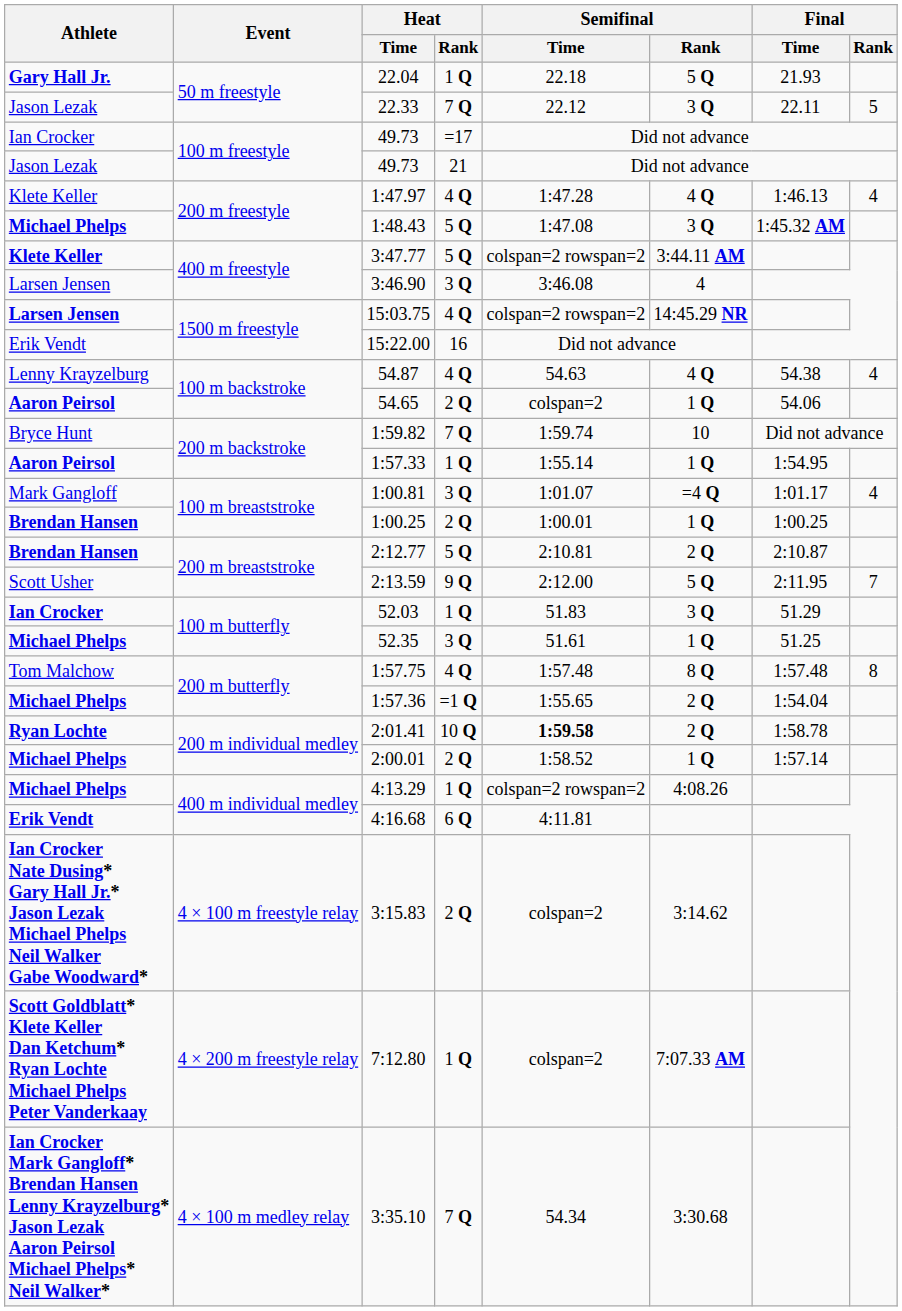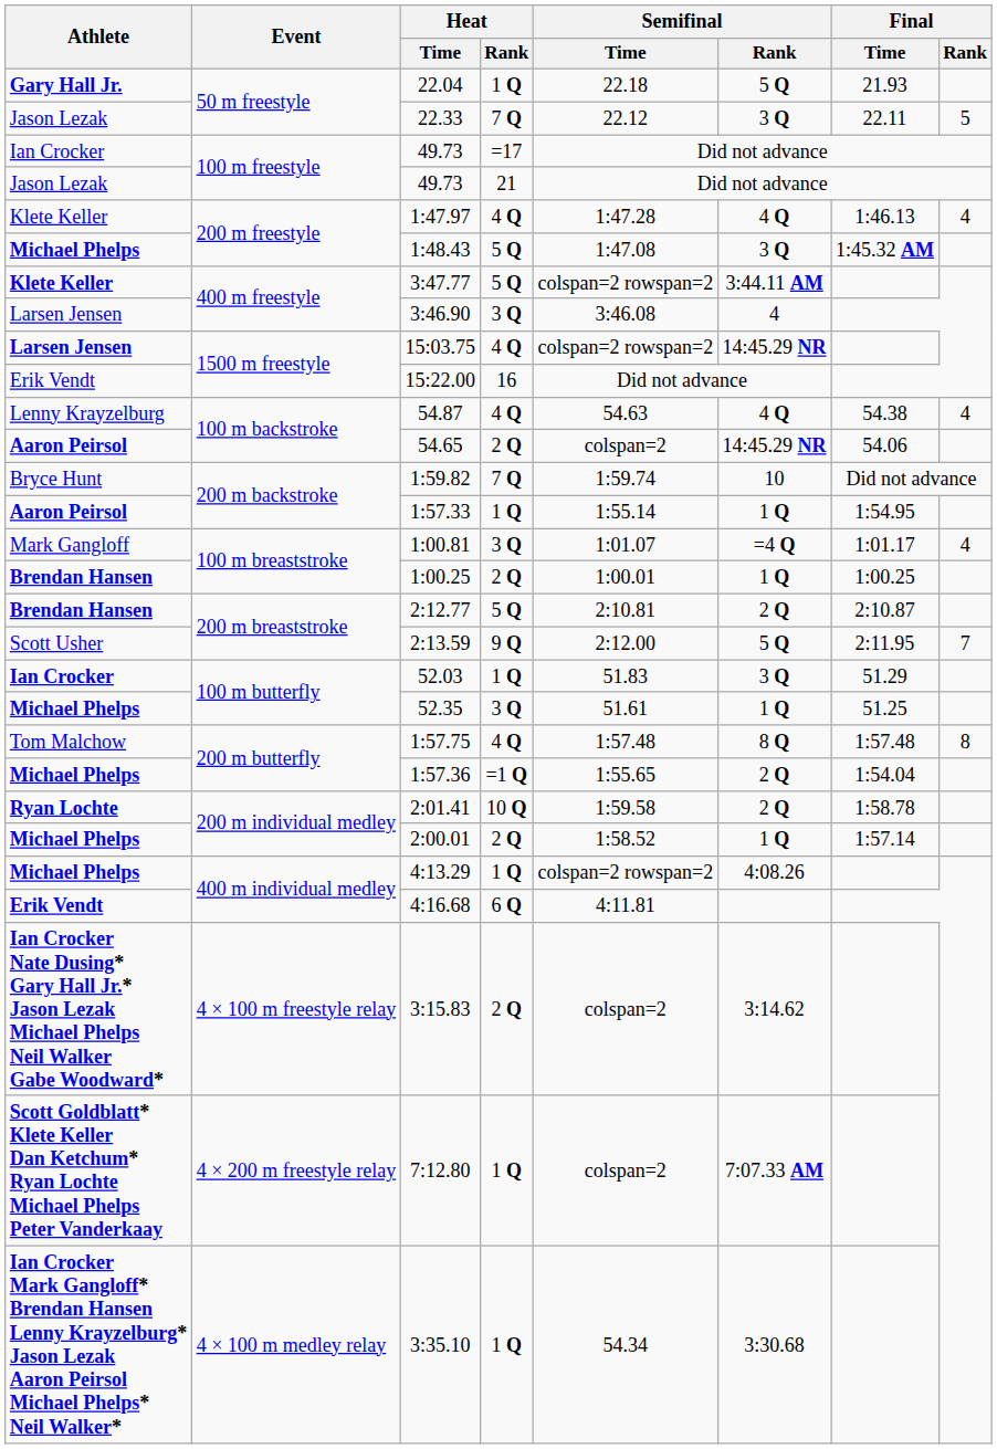 <table class=wikitable style=font-size:90%;text-align:center>
 <tr>
 <th rowspan=2>Athlete</th>
 <th rowspan=2>Event</th>
 <th colspan=2>Heat</th>
 <th colspan=2>Semifinal</th>
 <th colspan=2>Final</th>
 </tr>
 <tr style=font-size:95%>
 <th>Time</th>
 <th>Rank</th>
 <th>Time</th>
 <th>Rank</th>
 <th>Time</th>
 <th>Rank</th>
 </tr>
 <tr>
 <td align=left><strong><a href='#'>Gary Hall Jr.</a></strong></td>
 <td align=left rowspan=2><a href='#'>50 m freestyle</a></td>
 <td>22.04</td>
 <td>1 <strong>Q</strong></td>
 <td>22.18</td>
 <td>5 <strong>Q</strong></td>
 <td>21.93</td>
 <td></td>
 </tr>
 <tr>
 <td align=left><a href='#'>Jason Lezak</a></td>
 <td>22.33</td>
 <td>7 <strong>Q</strong></td>
 <td>22.12</td>
 <td>3 <strong>Q</strong></td>
 <td>22.11</td>
 <td>5</td>
 </tr>
 <tr>
 <td align=left><a href='#'>Ian Crocker</a></td>
 <td align=left rowspan=2><a href='#'>100 m freestyle</a></td>
 <td>49.73</td>
 <td>=17</td>
 <td colspan=4>Did not advance</td>
 </tr>
 <tr>
 <td align=left><a href='#'>Jason Lezak</a></td>
 <td>49.73</td>
 <td>21</td>
 <td colspan=4>Did not advance</td>
 </tr>
 <tr>
 <td align=left><a href='#'>Klete Keller</a></td>
 <td align=left rowspan=2><a href='#'>200 m freestyle</a></td>
 <td>1:47.97</td>
 <td>4 <strong>Q</strong></td>
 <td>1:47.28</td>
 <td>4 <strong>Q</strong></td>
 <td>1:46.13</td>
 <td>4</td>
 </tr>
 <tr>
 <td align=left><strong><a href='#'>Michael Phelps</a></strong></td>
 <td>1:48.43</td>
 <td>5 <strong>Q</strong></td>
 <td>1:47.08</td>
 <td>3 <strong>Q</strong></td>
 <td>1:45.32 <strong><a href='#'>AM</a></strong></td>
 <td></td>
 </tr>
 <tr>
 <td align=left><strong><a href='#'>Klete Keller</a></strong></td>
 <td align=left rowspan=2><a href='#'>400 m freestyle</a></td>
 <td>3:47.77</td>
 <td>5 <strong>Q</strong></td>
 <td>colspan=2 rowspan=2 </td>
 <td>3:44.11 <strong><a href='#'>AM</a></strong></td>
 <td></td>
 </tr>
 <tr>
 <td align=left><a href='#'>Larsen Jensen</a></td>
 <td>3:46.90</td>
 <td>3 <strong>Q</strong></td>
 <td>3:46.08</td>
 <td>4</td>
 </tr>
 <tr>
 <td align=left><strong><a href='#'>Larsen Jensen</a></strong></td>
 <td align=left rowspan=2><a href='#'>1500 m freestyle</a></td>
 <td>15:03.75</td>
 <td>4 <strong>Q</strong></td>
 <td>colspan=2 rowspan=2 </td>
 <td>14:45.29 <strong><a href='#'>NR</a></strong></td>
 <td></td>
 </tr>
 <tr>
 <td align=left><a href='#'>Erik Vendt</a></td>
 <td>15:22.00</td>
 <td>16</td>
 <td colspan=2>Did not advance</td>
 </tr>
 <tr>
 <td align=left><a href='#'>Lenny Krayzelburg</a></td>
 <td align=left rowspan=2><a href='#'>100 m backstroke</a></td>
 <td>54.87</td>
 <td>4 <strong>Q</strong></td>
 <td>54.63</td>
 <td>4 <strong>Q</strong></td>
 <td>54.38</td>
 <td>4</td>
 </tr>
 <tr>
 <td align=left><strong><a href='#'>Aaron Peirsol</a></strong></td>
 <td>54.65</td>
 <td>2 <strong>Q</strong></td>
 <td>colspan=2 </td>
-<td>1 <strong>Q</strong></td>
+<td>14:45.29 <strong><a href='#'>NR</a></strong></td>
 <td>54.06</td>
 <td></td>
 </tr>
 <tr>
 <td align=left><a href='#'>Bryce Hunt</a></td>
 <td align=left rowspan=2><a href='#'>200 m backstroke</a></td>
 <td>1:59.82</td>
 <td>7 <strong>Q</strong></td>
 <td>1:59.74</td>
 <td>10</td>
 <td colspan=2>Did not advance</td>
 </tr>
 <tr>
 <td align=left><strong><a href='#'>Aaron Peirsol</a></strong></td>
 <td>1:57.33</td>
 <td>1 <strong>Q</strong></td>
 <td>1:55.14 </td>
 <td>1 <strong>Q</strong></td>
 <td>1:54.95 </td>
 <td></td>
 </tr>
 <tr>
 <td align=left><a href='#'>Mark Gangloff</a></td>
 <td align=left rowspan=2><a href='#'>100 m breaststroke</a></td>
 <td>1:00.81</td>
 <td>3 <strong>Q</strong></td>
 <td>1:01.07</td>
 <td>=4 <strong>Q</strong></td>
 <td>1:01.17</td>
 <td>4</td>
 </tr>
 <tr>
 <td align=left><strong><a href='#'>Brendan Hansen</a></strong></td>
 <td>1:00.25</td>
 <td>2 <strong>Q</strong></td>
 <td>1:00.01 </td>
 <td>1 <strong>Q</strong></td>
 <td>1:00.25</td>
 <td></td>
 </tr>
 <tr>
 <td align=left><strong><a href='#'>Brendan Hansen</a></strong></td>
 <td align=left rowspan=2><a href='#'>200 m breaststroke</a></td>
 <td>2:12.77</td>
 <td>5 <strong>Q</strong></td>
 <td>2:10.81</td>
 <td>2 <strong>Q</strong></td>
 <td>2:10.87</td>
 <td></td>
 </tr>
 <tr>
 <td align=left><a href='#'>Scott Usher</a></td>
 <td>2:13.59</td>
 <td>9 <strong>Q</strong></td>
 <td>2:12.00</td>
 <td>5 <strong>Q</strong></td>
 <td>2:11.95</td>
 <td>7</td>
 </tr>
 <tr>
 <td align=left><strong><a href='#'>Ian Crocker</a></strong></td>
 <td align=left rowspan=2><a href='#'>100 m butterfly</a></td>
 <td>52.03</td>
 <td>1 <strong>Q</strong></td>
 <td>51.83</td>
 <td>3 <strong>Q</strong></td>
 <td>51.29</td>
 <td></td>
 </tr>
 <tr>
 <td align=left><strong><a href='#'>Michael Phelps</a></strong></td>
 <td>52.35</td>
 <td>3 <strong>Q</strong></td>
 <td>51.61 </td>
 <td>1 <strong>Q</strong></td>
 <td>51.25 </td>
 <td></td>
 </tr>
 <tr>
 <td align=left><a href='#'>Tom Malchow</a></td>
 <td align=left rowspan=2><a href='#'>200 m butterfly</a></td>
 <td>1:57.75</td>
 <td>4 <strong>Q</strong></td>
 <td>1:57.48</td>
 <td>8 <strong>Q</strong></td>
 <td>1:57.48</td>
 <td>8</td>
 </tr>
 <tr>
 <td align=left><strong><a href='#'>Michael Phelps</a></strong></td>
 <td>1:57.36</td>
 <td>=1 <strong>Q</strong></td>
 <td>1:55.65</td>
 <td>2 <strong>Q</strong></td>
 <td>1:54.04 </td>
 <td></td>
 </tr>
 <tr>
 <td align=left><strong><a href='#'>Ryan Lochte</a></strong></td>
 <td align=left rowspan=2><a href='#'>200 m individual medley</a></td>
 <td>2:01.41</td>
 <td>10 <strong>Q</strong></td>
-<td><strong>1:59.58</strong></td>
+<td>1:59.58</td>
 <td>2 <strong>Q</strong></td>
 <td>1:58.78</td>
 <td></td>
 </tr>
 <tr>
 <td align=left><strong><a href='#'>Michael Phelps</a></strong></td>
 <td>2:00.01</td>
 <td>2 <strong>Q</strong></td>
 <td>1:58.52 </td>
 <td>1 <strong>Q</strong></td>
 <td>1:57.14 </td>
 <td></td>
 </tr>
 <tr>
 <td align=left><strong><a href='#'>Michael Phelps</a></strong></td>
 <td align=left rowspan=2><a href='#'>400 m individual medley</a></td>
 <td>4:13.29</td>
 <td>1 <strong>Q</strong></td>
 <td>colspan=2 rowspan=2 </td>
 <td>4:08.26 </td>
 <td></td>
 </tr>
 <tr>
 <td align=left><strong><a href='#'>Erik Vendt</a></strong></td>
 <td>4:16.68</td>
 <td>6 <strong>Q</strong></td>
 <td>4:11.81</td>
 <td></td>
 </tr>
 <tr>
 <td align=left><strong><a href='#'>Ian Crocker</a><br><a href='#'>Nate Dusing</a>*<br><a href='#'>Gary Hall Jr.</a>*<br><a href='#'>Jason Lezak</a><br><a href='#'>Michael Phelps</a><br><a href='#'>Neil Walker</a><br><a href='#'>Gabe Woodward</a>*</strong></td>
 <td align=left><a href='#'>4 × 100 m freestyle relay</a></td>
 <td>3:15.83</td>
 <td>2 <strong>Q</strong></td>
 <td>colspan=2 </td>
 <td>3:14.62</td>
 <td></td>
 </tr>
 <tr>
 <td align=left><strong><a href='#'>Scott Goldblatt</a>*<br><a href='#'>Klete Keller</a><br><a href='#'>Dan Ketchum</a>*<br><a href='#'>Ryan Lochte</a><br><a href='#'>Michael Phelps</a><br><a href='#'>Peter Vanderkaay</a></strong></td>
 <td align=left><a href='#'>4 × 200 m freestyle relay</a></td>
 <td>7:12.80</td>
 <td>1 <strong>Q</strong></td>
 <td>colspan=2 </td>
 <td>7:07.33 <strong><a href='#'>AM</a></strong></td>
 <td></td>
 </tr>
 <tr>
 <td align=left><strong><a href='#'>Ian Crocker</a><br><a href='#'>Mark Gangloff</a>*<br><a href='#'>Brendan Hansen</a><br><a href='#'>Lenny Krayzelburg</a>*<br><a href='#'>Jason Lezak</a><br><a href='#'>Aaron Peirsol</a><br><a href='#'>Michael Phelps</a>*<br><a href='#'>Neil Walker</a>*</strong></td>
 <td align=left><a href='#'>4 × 100 m medley relay</a></td>
 <td>3:35.10</td>
-<td>7 <strong>Q</strong></td>
+<td>1 <strong>Q</strong></td>
 <td>54.34</td>
 <td>3:30.68 </td>
 <td></td>
 </tr>
 </table>
